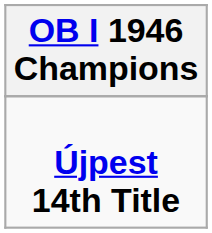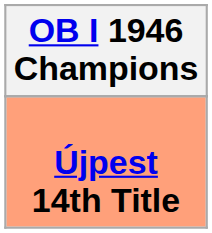 <table class="wikitable" style="text-align: center; margin: 0 auto;">
 <tr>
 <th><a href='#'>OB I</a> 1946<br>Champions</th>
 </tr>
 <tr>
 </tr>
 <tr>
-<td> <br><strong><a href='#'>Újpest</a></strong><br><strong>14th Title</strong></td>
+<td style="background: lightsalmon;"> <br><strong><a href='#'>Újpest</a></strong><br><strong>14th Title</strong></td>
 </tr>
 </table>
